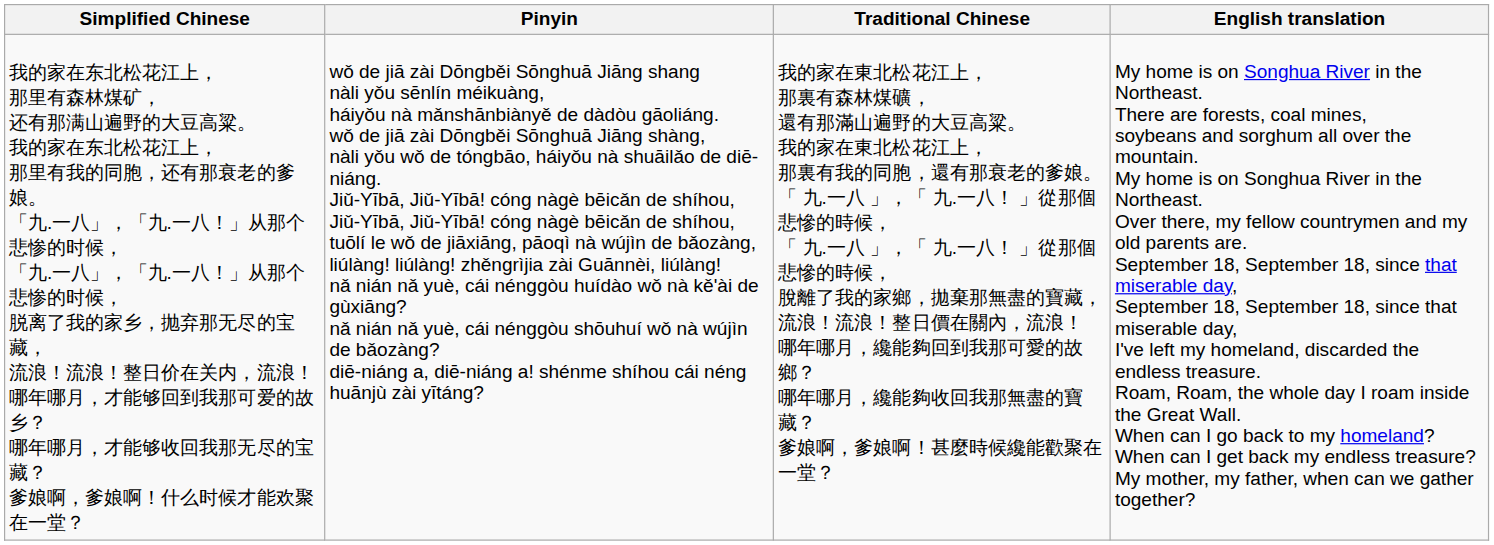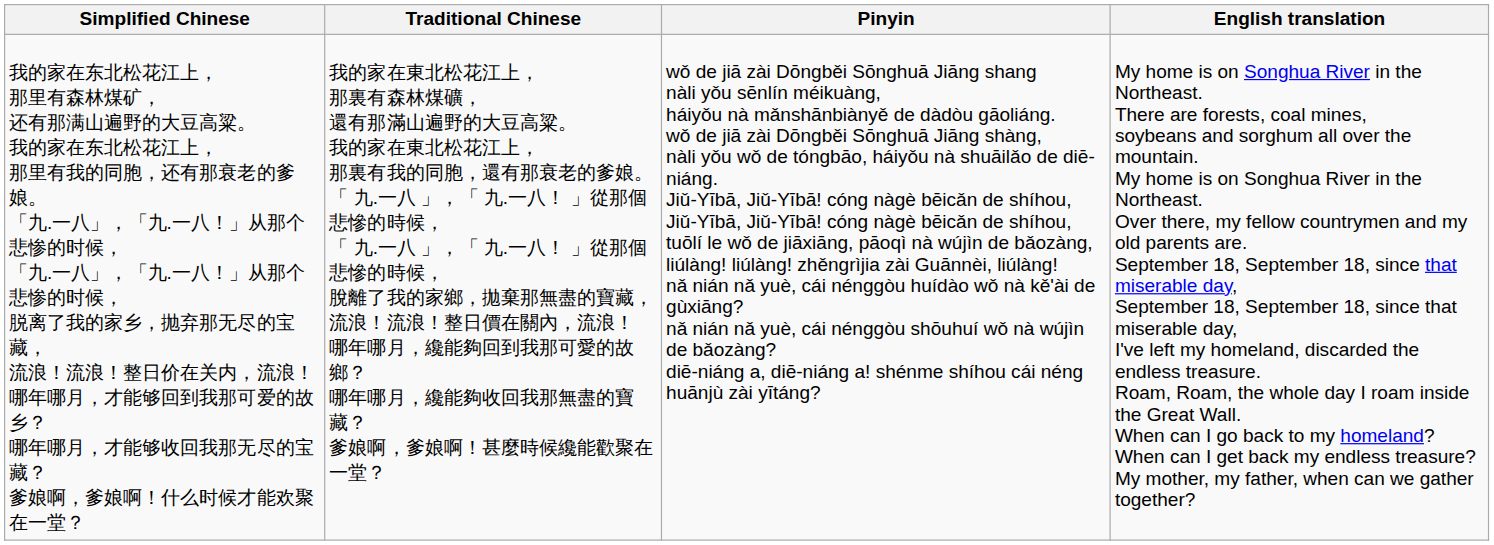 <table class="wikitable">
 <tr>
 <th>Simplified Chinese</th>
+<th>Traditional Chinese</th>
 <th>Pinyin</th>
-<th>Traditional Chinese</th>
 <th>English translation</th>
 </tr>
 <tr valign="top">
 <td lang="zh-Hans"><br>我的家在东北松花江上，<br>那里有森林煤矿，<br>还有那满山遍野的大豆高粱。<br>我的家在东北松花江上，<br>那里有我的同胞，还有那衰老的爹娘。<br>「九.一八」，「九.一八！」从那个悲惨的时候，<br>「九.一八」，「九.一八！」从那个悲惨的时候，<br>脱离了我的家乡，抛弃那无尽的宝藏，<br>流浪！流浪！整日价在关内，流浪！<br>哪年哪月，才能够回到我那可爱的故乡？<br>哪年哪月，才能够收回我那无尽的宝藏？<br>爹娘啊，爹娘啊！什么时候才能欢聚在一堂？</td>
+<td lang="zh-Hant"><br>我的家在東北松花江上，<br>那裏有森林煤礦，<br>還有那滿山遍野的大豆高粱。<br>我的家在東北松花江上，<br>那裏有我的同胞，還有那衰老的爹娘。<br>「 九.一八 」，「 九.一八！ 」從那個悲慘的時候，<br>「 九.一八 」，「 九.一八！ 」從那個悲慘的時候，<br>脫離了我的家鄉，拋棄那無盡的寶藏，<br>流浪！流浪！整日價在關內，流浪！<br>哪年哪月，纔能夠回到我那可愛的故鄉？<br>哪年哪月，纔能夠收回我那無盡的寶藏？<br>爹娘啊，爹娘啊！甚麼時候纔能歡聚在一堂？</td>
 <td><br>wǒ de jiā zài Dōngběi Sōnghuā Jiāng shang<br>nàli yǒu sēnlín méikuàng,<br>háiyǒu nà mǎnshānbiànyě de dàdòu gāoliáng.<br>wǒ de jiā zài Dōngběi Sōnghuā Jiāng shàng,<br>nàli yǒu wǒ de tóngbāo, háiyǒu nà shuāilǎo de diē-niáng.<br>Jiǔ-Yībā, Jiǔ-Yībā! cóng nàgè bēicǎn de shíhou,<br>Jiǔ-Yībā, Jiǔ-Yībā! cóng nàgè bēicǎn de shíhou,<br>tuōlí le wǒ de jiāxiāng, pāoqì nà wújìn de bǎozàng,<br>liúlàng! liúlàng! zhěngrìjia zài Guānnèi, liúlàng!<br>nǎ nián nǎ yuè, cái nénggòu huídào wǒ nà kě'ài de gùxiāng?<br>nǎ nián nǎ yuè, cái nénggòu shōuhuí wǒ nà wújìn de bǎozàng?<br>diē-niáng a, diē-niáng a! shénme shíhou cái néng huānjù zài yītáng?</td>
-<td lang="zh-Hant"><br>我的家在東北松花江上，<br>那裏有森林煤礦，<br>還有那滿山遍野的大豆高粱。<br>我的家在東北松花江上，<br>那裏有我的同胞，還有那衰老的爹娘。<br>「 九.一八 」，「 九.一八！ 」從那個悲慘的時候，<br>「 九.一八 」，「 九.一八！ 」從那個悲慘的時候，<br>脫離了我的家鄉，拋棄那無盡的寶藏，<br>流浪！流浪！整日價在關內，流浪！<br>哪年哪月，纔能夠回到我那可愛的故鄉？<br>哪年哪月，纔能夠收回我那無盡的寶藏？<br>爹娘啊，爹娘啊！甚麼時候纔能歡聚在一堂？</td>
 <td><br>My home is on <a href='#'>Songhua River</a> in the Northeast.<br>There are forests, coal mines,<br>soybeans and sorghum all over the mountain.<br>My home is on Songhua River in the Northeast.<br>Over there, my fellow countrymen and my old parents are.<br>September 18, September 18, since <a href='#'>that miserable day</a>,<br>September 18, September 18, since that miserable day,<br>I've left my homeland, discarded the endless treasure.<br>Roam, Roam, the whole day I roam inside the Great Wall.<br>When can I go back to my <a href='#'>homeland</a>?<br>When can I get back my endless treasure?<br>My mother, my father, when can we gather together?</td>
 </tr>
 </table>
